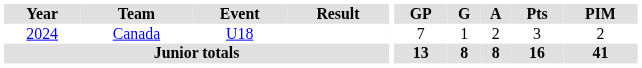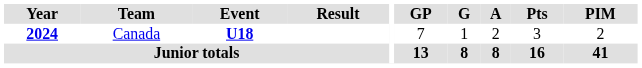 <table border="0" cellpadding="1" cellspacing="0" ID="Table3" style="text-align:center; width:40em;">
 <tr bgcolor="#e0e0e0">
 <th>Year</th>
 <th>Team</th>
 <th>Event</th>
 <th>Result</th>
 <th rowspan="98" bgcolor="#ffffff"></th>
 <th>GP</th>
 <th>G</th>
 <th>A</th>
 <th>Pts</th>
 <th>PIM</th>
 </tr>
 <tr>
-<td><a href='#'>2024</a></td>
+<td><strong><a href='#'>2024</a></strong></td>
 <td><a href='#'>Canada</a></td>
-<td><a href='#'>U18</a></td>
+<td><strong><a href='#'>U18</a></strong></td>
 <td></td>
 <td>7</td>
 <td>1</td>
 <td>2</td>
 <td>3</td>
 <td>2</td>
 </tr>
 <tr bgcolor="#e0e0e0">
 <th colspan="4">Junior totals</th>
 <th>13</th>
 <th>8</th>
 <th>8</th>
 <th>16</th>
 <th>41</th>
 </tr>
 </table>
